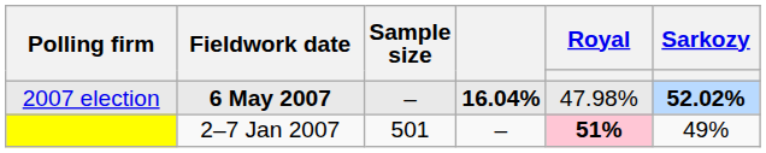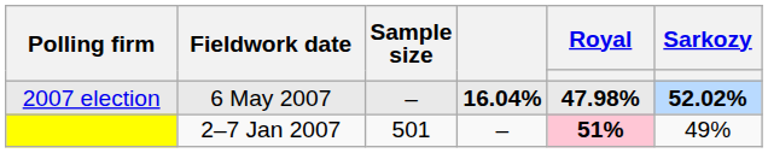 <table class="wikitable sortable" style="text-align:center;font-size:90%;line-height:14px;">
 <tr style="height:40px;">
 <th style="width:100px;" rowspan="2">Polling firm</th>
 <th style="width:110px;" rowspan="2">Fieldwork date</th>
 <th style="width:35px;" rowspan="2">Sample<br>size</th>
 <th style="width:30px;" rowspan="2"></th>
 <th class="unsortable" style="width:60px;"><a href='#'>Royal</a><br></th>
 <th class="unsortable" style="width:60px;"><a href='#'>Sarkozy</a><br></th>
 </tr>
 <tr>
 <th style="background:"></th>
 <th style="background:"></th>
 </tr>
 <tr style="background:#E9E9E9;">
 <td><a href='#'>2007 election</a></td>
-<td data-sort-value="2007-05-06"><strong>6 May 2007</strong></td>
+<td data-sort-value="2007-05-06">6 May 2007</td>
 <td>–</td>
 <td><strong>16.04%</strong></td>
-<td>47.98%</td>
+<td><strong>47.98%</strong></td>
 <td style="background:#B9DAFF;"><strong>52.02%</strong></td>
 </tr>
 <tr>
 <td style="background:yellow;"></td>
 <td data-sort-value="2007-01-07">2–7 Jan 2007</td>
 <td>501</td>
 <td>–</td>
 <td style="background:#FFC6D5;"><strong>51%</strong></td>
 <td>49%</td>
 </tr>
 </table>
